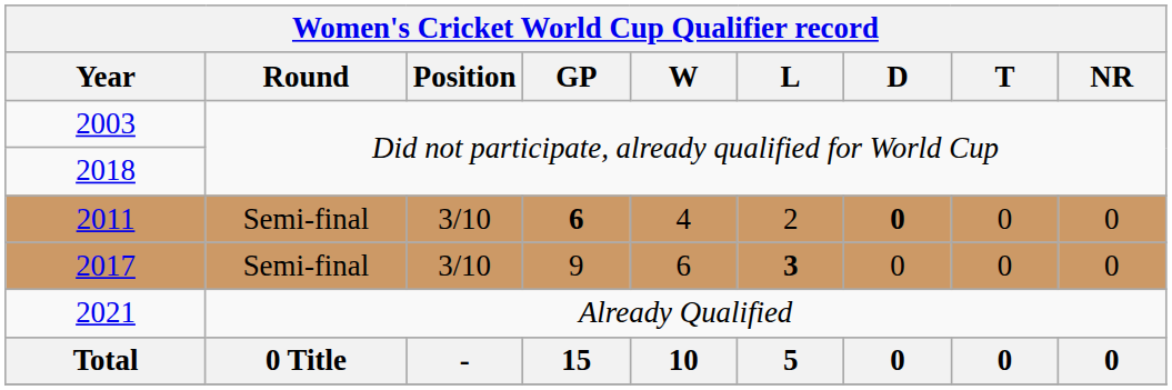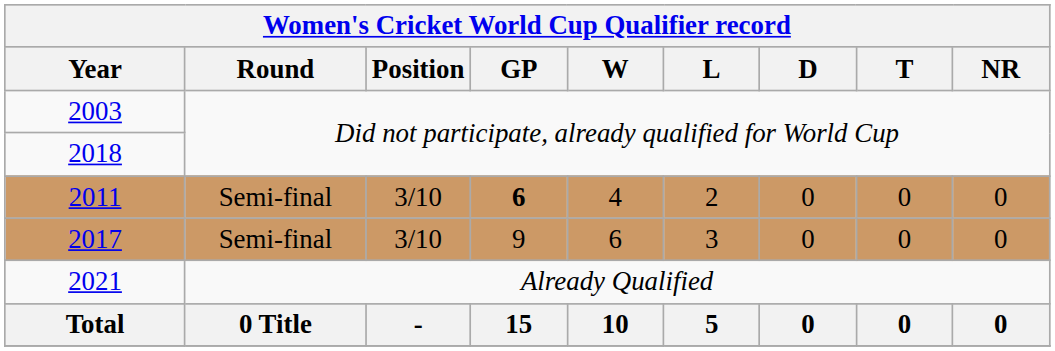 <table class="wikitable" style="text-align: center;">
 <tr>
 <th colspan=10><a href='#'>Women's Cricket World Cup Qualifier record</a></th>
 </tr>
 <tr>
 <th width=100>Year</th>
 <th width=100>Round</th>
 <th width=50>Position</th>
 <th width=50>GP</th>
 <th width=50>W</th>
 <th width=50>L</th>
 <th width=50>D</th>
 <th width=50>T</th>
 <th width=50>NR</th>
 </tr>
 <tr>
 <td><a href='#'>2003</a></td>
 <td colspan="8" rowspan="2"><em>Did not participate, already qualified for World Cup</em></td>
 </tr>
 <tr>
 <td><a href='#'>2018</a></td>
 </tr>
 <tr bgcolor=#cc9966>
 <td><a href='#'>2011</a></td>
 <td>Semi-final</td>
 <td>3/10</td>
 <td><strong>6</strong></td>
 <td>4</td>
 <td>2</td>
-<td><strong>0</strong></td>
+<td>0</td>
 <td>0</td>
 <td>0</td>
 </tr>
 <tr bgcolor=#cc9966>
 <td><a href='#'>2017</a></td>
 <td>Semi-final</td>
 <td>3/10</td>
 <td>9</td>
 <td>6</td>
-<td><strong>3</strong></td>
+<td>3</td>
 <td>0</td>
 <td>0</td>
 <td>0</td>
 </tr>
 <tr>
 <td><a href='#'>2021</a></td>
 <td colspan="8"><em>Already Qualified</em></td>
 </tr>
 <tr>
 <th><strong>Total</strong></th>
 <th>0 Title</th>
 <th>-</th>
 <th>15</th>
 <th>10</th>
 <th>5</th>
 <th>0</th>
 <th>0</th>
 <th>0</th>
 </tr>
 <tr>
 </tr>
 </table>
